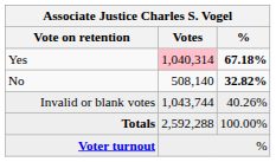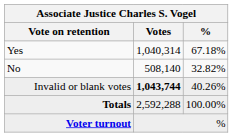 <table class="wikitable" style="font-size: 95%;">
 <tr style="background-color:#E9E9E9">
 <th colspan=7>Associate Justice Charles S. Vogel</th>
 </tr>
 <tr style="background-color:#E9E9E9">
 <th style="width: 170px">Vote on retention</th>
 <th style="width: 50px">Votes</th>
 <th style="width: 40px">%</th>
 </tr>
 <tr>
 <td>Yes</td>
-<td align="right" style="background: pink;">1,040,314</td>
-<td align="right"><strong>67.18%</strong></td>
+<td align="right">1,040,314</td>
+<td align="right">67.18%</td>
 </tr>
 <tr>
 <td>No</td>
 <td align="right">508,140</td>
-<td align="right"><strong>32.82%</strong></td>
+<td align="right">32.82%</td>
 </tr>
 <tr style="background-color:#EEEEEE">
 <td align="right">Invalid or blank votes</td>
-<td align="right">1,043,744</td>
+<td align="right"><strong>1,043,744</strong></td>
 <td align="right">40.26%</td>
 </tr>
 <tr style="background-color:#EEEEEE">
 <td colspan="1" align="right"><strong>Totals</strong></td>
 <td align="right">2,592,288</td>
 <td align="right">100.00%</td>
 </tr>
 <tr style="background-color:#EEEEEE">
 <td align="right"><strong><a href='#'>Voter turnout</a></strong></td>
 <td colspan="2" align="right">%</td>
 </tr>
 </table>
